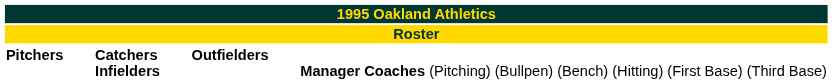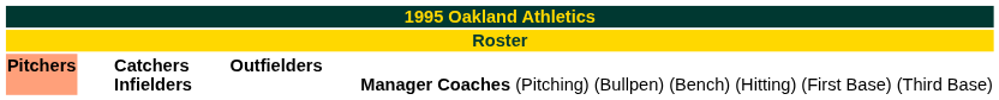 <table class="toccolours" style="font-size: 95%;">
 <tr>
 <th colspan="10" style="background-color: #003831; color: #FFD800; text-align: center;">1995 Oakland Athletics</th>
 </tr>
 <tr>
 <td colspan="10" style="background-color: #FFD800; color: #003831; text-align: center;"><strong>Roster</strong></td>
 </tr>
 <tr>
-<td valign="top"><strong>Pitchers</strong><br>                      </td>
+<td valign="top" style="background: lightsalmon;"><strong>Pitchers</strong><br>                      </td>
 <td width="25px"></td>
 <td valign="top"><strong>Catchers</strong><br>    <strong>Infielders</strong>         </td>
 <td width="25px"></td>
 <td valign="top"><strong>Outfielders</strong><br>       </td>
 <td width="25px"></td>
 <td valign="top"><br><strong>Manager</strong>  <strong>Coaches</strong>  (Pitching)  (Bullpen)  (Bench)  (Hitting)  (First Base)  (Third Base)</td>
 </tr>
 </table>
